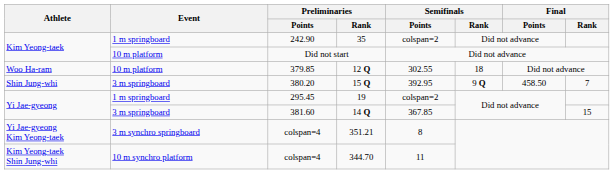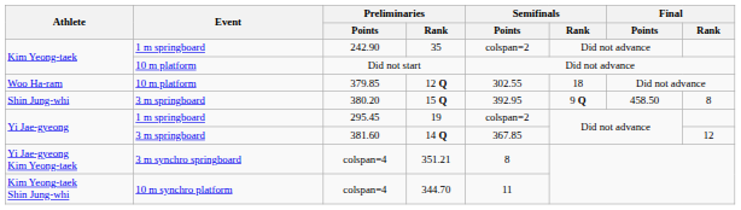 <table class="wikitable" style="text-align:center; font-size:90%; width:50%;">
 <tr>
 <th rowspan=2>Athlete</th>
 <th rowspan=2>Event</th>
 <th colspan=2>Preliminaries</th>
 <th colspan=2>Semifinals</th>
 <th colspan=2>Final</th>
 </tr>
 <tr style="font-size:95%">
 <th>Points</th>
 <th>Rank</th>
 <th>Points</th>
 <th>Rank</th>
 <th>Points</th>
 <th>Rank</th>
 </tr>
 <tr>
 <td align=left rowspan=2><a href='#'>Kim Yeong-taek</a></td>
 <td align=left><a href='#'>1 m springboard</a></td>
 <td>242.90</td>
 <td>35</td>
 <td>colspan=2 </td>
 <td colspan=2>Did not advance</td>
 </tr>
 <tr>
 <td align=left><a href='#'>10 m platform</a></td>
 <td colspan=2>Did not start</td>
 <td colspan=4>Did not advance</td>
 </tr>
 <tr>
 <td align=left><a href='#'>Woo Ha-ram</a></td>
 <td align=left><a href='#'>10 m platform</a></td>
 <td>379.85</td>
 <td>12 <strong>Q</strong></td>
 <td>302.55</td>
 <td>18</td>
 <td colspan=2>Did not advance</td>
 </tr>
 <tr>
 <td align=left><a href='#'>Shin Jung-whi</a></td>
 <td align=left><a href='#'>3 m springboard</a></td>
 <td>380.20</td>
 <td>15 <strong>Q</strong></td>
 <td>392.95</td>
 <td>9 <strong>Q</strong></td>
 <td>458.50</td>
-<td>7</td>
+<td>8</td>
 </tr>
 <tr>
 <td align=left rowspan=2><a href='#'>Yi Jae-gyeong</a></td>
 <td align=left><a href='#'>1 m springboard</a></td>
 <td>295.45</td>
 <td>19</td>
 <td>colspan=2 </td>
 <td colspan=2  rowspan=2>Did not advance</td>
 </tr>
 <tr>
 <td align=left><a href='#'>3 m springboard</a></td>
 <td>381.60</td>
 <td>14 <strong>Q</strong></td>
 <td>367.85</td>
-<td>15</td>
+<td>12</td>
 </tr>
 <tr>
 <td align=left><a href='#'>Yi Jae-gyeong</a><br> <a href='#'>Kim Yeong-taek</a></td>
 <td align=left><a href='#'>3 m synchro springboard</a></td>
 <td>colspan=4 </td>
 <td>351.21</td>
 <td>8</td>
 </tr>
 <tr>
 <td align=left><a href='#'>Kim Yeong-taek</a><br> <a href='#'>Shin Jung-whi</a></td>
 <td align=left><a href='#'>10 m synchro platform</a></td>
 <td>colspan=4 </td>
 <td>344.70</td>
 <td>11</td>
 </tr>
 </table>
